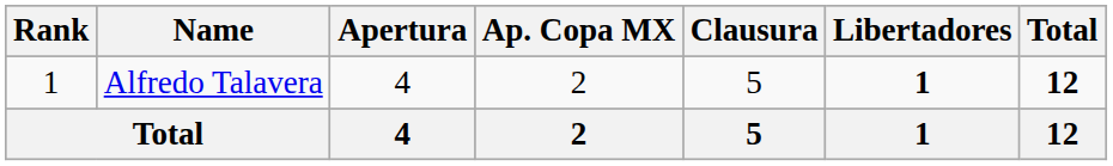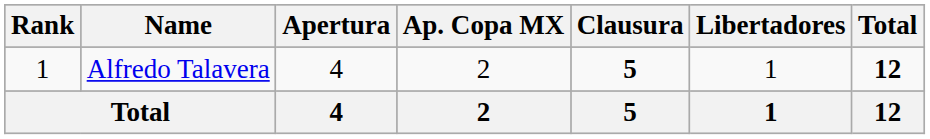 <table class="wikitable" style="text-align: center;">
 <tr>
 <th>Rank</th>
 <th>Name</th>
 <th>Apertura</th>
 <th>Ap. Copa MX</th>
 <th>Clausura</th>
 <th>Libertadores</th>
 <th>Total</th>
 </tr>
 <tr>
 <td>1</td>
 <td align=left> <a href='#'>Alfredo Talavera</a></td>
 <td>4</td>
 <td>2</td>
-<td>5</td>
-<td><strong>1</strong></td>
+<td><strong>5</strong></td>
+<td>1</td>
 <td><strong>12</strong></td>
 </tr>
 <tr>
 <th colspan=2>Total</th>
 <th>4</th>
 <th>2</th>
 <th>5</th>
 <th>1</th>
 <th>12</th>
 </tr>
 </table>
